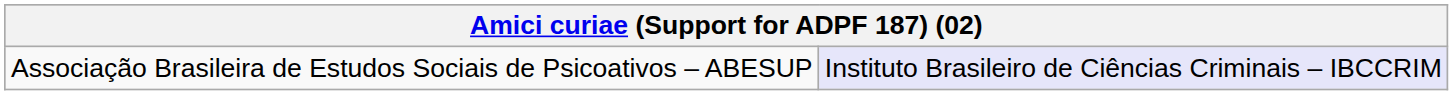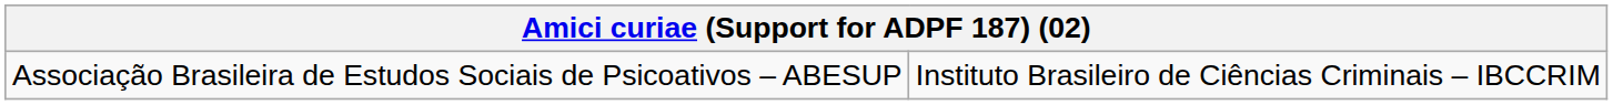 <table class="wikitable">
 <tr>
 <th colspan="10" style="text-align: center;"><a href='#'>Amici curiae</a> (Support for ADPF 187) (02)</th>
 </tr>
 <tr>
 <td align="left">Associação Brasileira de Estudos Sociais de Psicoativos – ABESUP</td>
-<td align="left" style="background: lavender;">Instituto Brasileiro de Ciências Criminais – IBCCRIM</td>
+<td align="left">Instituto Brasileiro de Ciências Criminais – IBCCRIM</td>
 </tr>
 </table>
